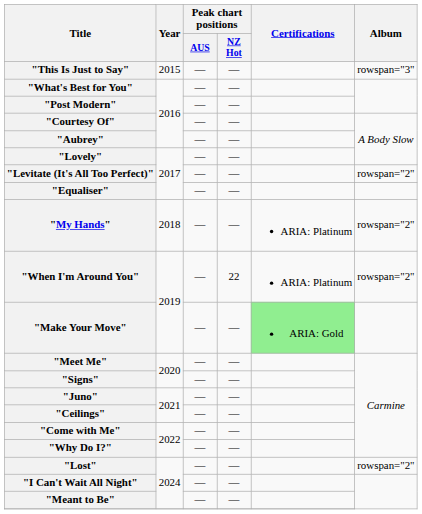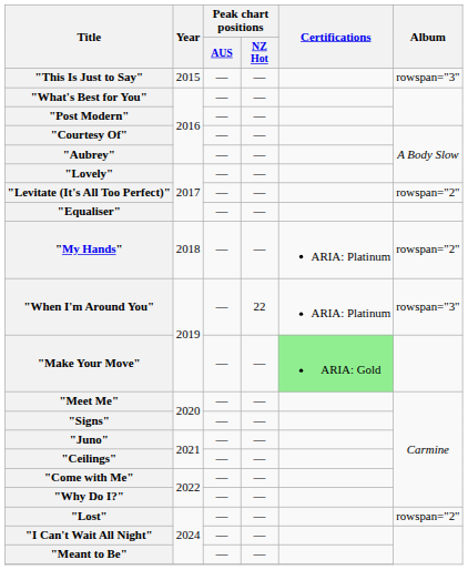 <table class="wikitable plainrowheaders" style="text-align:center;">
 <tr>
 <th scope="col" rowspan="2">Title</th>
 <th scope="col" rowspan="2">Year</th>
 <th scope="col" colspan="2">Peak chart positions</th>
 <th scope="col" rowspan="2"><a href='#'>Certifications</a></th>
 <th scope="col" rowspan="2">Album</th>
 </tr>
 <tr>
 <th scope="col" style="width:3em;font-size:90%;"><a href='#'>AUS</a><br></th>
 <th scope="col" style="width:3em;font-size:90%;"><a href='#'>NZ<br>Hot</a><br></th>
 </tr>
 <tr>
 <th scope="row">"This Is Just to Say"</th>
 <td>2015</td>
 <td>—</td>
 <td>—</td>
 <td></td>
 <td>rowspan="3" </td>
 </tr>
 <tr>
 <th scope="row">"What's Best for You"</th>
 <td rowspan="4">2016</td>
 <td>—</td>
 <td>—</td>
 <td></td>
 </tr>
 <tr>
 <th scope="row">"Post Modern"</th>
 <td>—</td>
 <td>—</td>
 <td></td>
 </tr>
 <tr>
 <th scope="row">"Courtesy Of"</th>
 <td>—</td>
 <td>—</td>
 <td></td>
 <td rowspan="3"><em>A Body Slow</em></td>
 </tr>
 <tr>
 <th scope="row">"Aubrey"<br></th>
 <td>—</td>
 <td>—</td>
 <td></td>
 </tr>
 <tr>
 <th scope="row">"Lovely"</th>
 <td rowspan="3">2017</td>
 <td>—</td>
 <td>—</td>
 <td></td>
 </tr>
 <tr>
 <th scope="row">"Levitate (It's All Too Perfect)"</th>
 <td>—</td>
 <td>—</td>
 <td></td>
 <td>rowspan="2" </td>
 </tr>
 <tr>
 <th scope="row">"Equaliser"<br></th>
 <td>—</td>
 <td>—</td>
 <td></td>
 </tr>
 <tr>
 <th scope="row">"<a href='#'>My Hands</a>"</th>
 <td>2018</td>
 <td>—</td>
 <td>—</td>
 <td><br><ul><li>ARIA: Platinum</li></ul></td>
 <td>rowspan="2" </td>
 </tr>
 <tr>
 <th scope="row">"When I'm Around You"</th>
 <td rowspan="2">2019</td>
 <td>—</td>
 <td>22</td>
 <td><br><ul><li>ARIA: Platinum</li></ul></td>
-<td>rowspan="2" </td>
+<td>rowspan="3" </td>
 </tr>
 <tr>
 <th scope="row">"Make Your Move"</th>
 <td>—</td>
 <td>—</td>
 <td style="background: lightgreen;"><br><ul><li>ARIA: Gold</li></ul></td>
 </tr>
 <tr>
 <th scope="row">"Meet Me"</th>
 <td rowspan="2">2020</td>
 <td>—</td>
 <td>—</td>
 <td></td>
 <td rowspan="6"><em>Carmine</em></td>
 </tr>
 <tr>
 <th scope="row">"Signs"</th>
 <td>—</td>
 <td>—</td>
 <td></td>
 </tr>
 <tr>
 <th scope="row">"Juno"</th>
 <td rowspan="2">2021</td>
 <td>—</td>
 <td>—</td>
 <td></td>
 </tr>
 <tr>
 <th scope="row">"Ceilings"</th>
 <td>—</td>
 <td>—</td>
 <td></td>
 </tr>
 <tr>
 <th scope="row">"Come with Me"</th>
 <td rowspan="2">2022</td>
 <td>—</td>
 <td>—</td>
 <td></td>
 </tr>
 <tr>
 <th scope="row">"Why Do I?"</th>
 <td>—</td>
 <td>—</td>
 <td></td>
 </tr>
 <tr>
 <th scope="row">"Lost"</th>
 <td rowspan="3">2024</td>
 <td>—</td>
 <td>—</td>
 <td></td>
 <td>rowspan="2" </td>
 </tr>
 <tr>
 <th scope="row">"I Can't Wait All Night"</th>
 <td>—</td>
 <td>—</td>
 <td></td>
 </tr>
 <tr>
 <th scope="row">"Meant to Be" <br></th>
 <td>—</td>
 <td>—</td>
 <td></td>
 </tr>
 <tr>
 </tr>
 </table>
